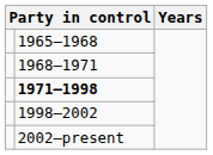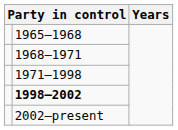 <table class="wikitable">
 <tr>
 <th colspan="2">Party in control</th>
 <th>Years</th>
 </tr>
 <tr>
 <td></td>
 <td>1965–1968</td>
 </tr>
 <tr>
 <td></td>
 <td>1968–1971</td>
 </tr>
 <tr>
 <td></td>
-<td><strong>1971–1998</strong></td>
+<td>1971–1998</td>
 </tr>
 <tr>
 <td></td>
-<td>1998–2002</td>
+<td><strong>1998–2002</strong></td>
 </tr>
 <tr>
 <td></td>
 <td>2002–present</td>
 </tr>
 </table>
